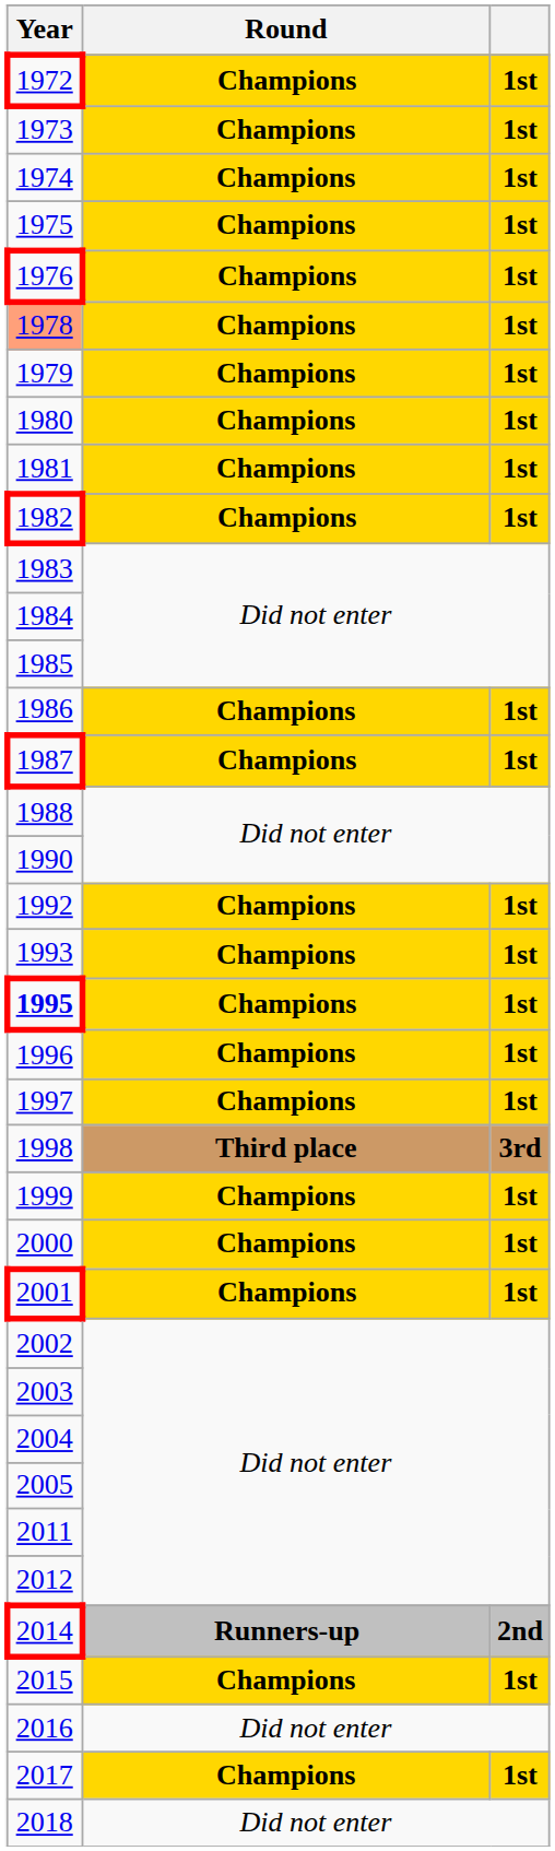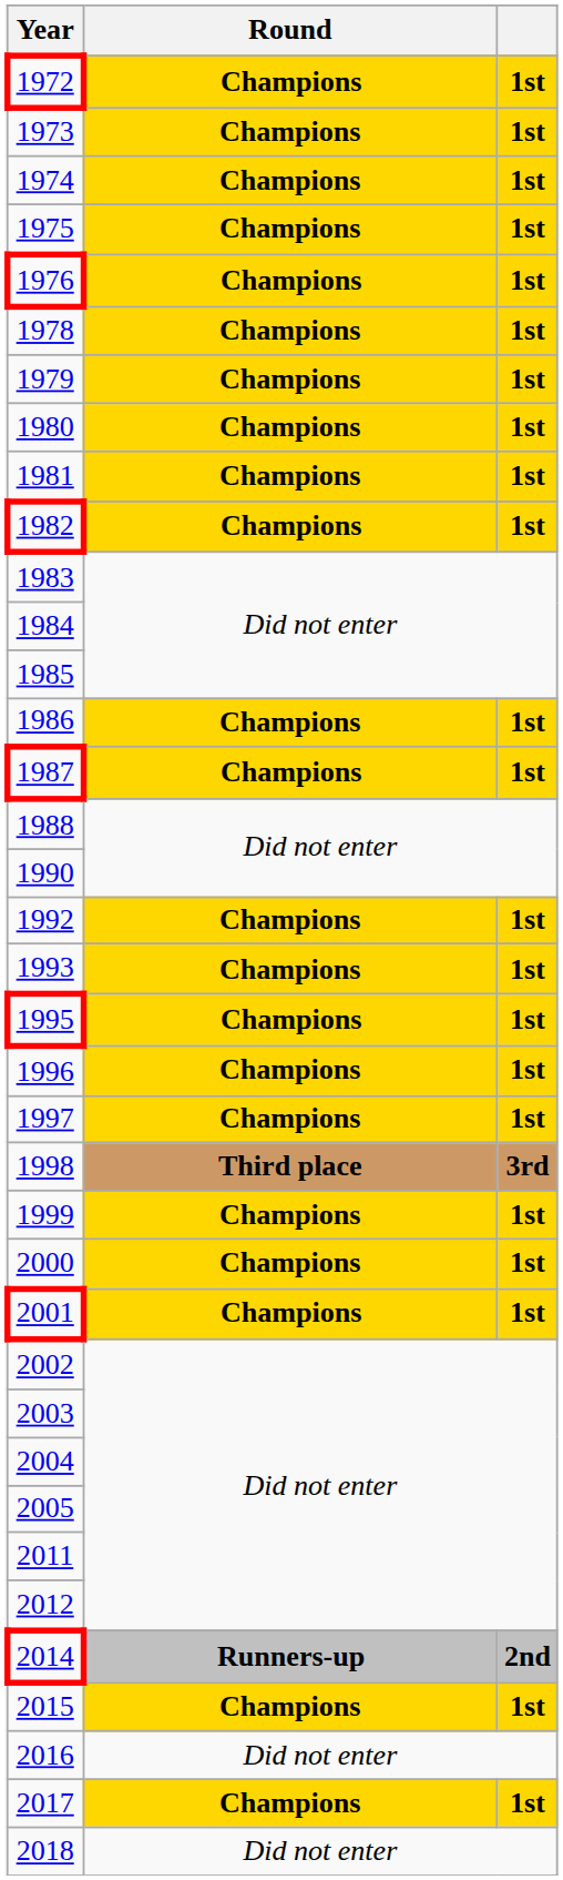 <table class="wikitable" style="text-align: center; font-size:90%">
 <tr>
 <th>Year</th>
 <th style="width:200px">Round</th>
 <th></th>
 </tr>
 <tr>
 <td style="border: 3px solid red"><a href='#'>1972</a></td>
 <td bgcolor=Gold><strong>Champions</strong></td>
 <td bgcolor=Gold><strong>1st</strong></td>
 </tr>
 <tr>
 <td><a href='#'>1973</a></td>
 <td bgcolor=Gold><strong>Champions</strong></td>
 <td bgcolor=Gold><strong>1st</strong></td>
 </tr>
 <tr>
 <td><a href='#'>1974</a></td>
 <td bgcolor=Gold><strong>Champions</strong></td>
 <td bgcolor=Gold><strong>1st</strong></td>
 </tr>
 <tr>
 <td><a href='#'>1975</a></td>
 <td bgcolor=Gold><strong>Champions</strong></td>
 <td bgcolor=Gold><strong>1st</strong></td>
 </tr>
 <tr>
 <td style="border: 3px solid red"><a href='#'>1976</a></td>
 <td bgcolor=Gold><strong>Champions</strong></td>
 <td bgcolor=Gold><strong>1st</strong></td>
 </tr>
 <tr>
-<td style="background: lightsalmon;"><a href='#'>1978</a></td>
+<td><a href='#'>1978</a></td>
 <td bgcolor=Gold><strong>Champions</strong></td>
 <td bgcolor=Gold><strong>1st</strong></td>
 </tr>
 <tr>
 <td><a href='#'>1979</a></td>
 <td bgcolor=Gold><strong>Champions</strong></td>
 <td bgcolor=Gold><strong>1st</strong></td>
 </tr>
 <tr>
 <td><a href='#'>1980</a></td>
 <td bgcolor=Gold><strong>Champions</strong></td>
 <td bgcolor=Gold><strong>1st</strong></td>
 </tr>
 <tr>
 <td><a href='#'>1981</a></td>
 <td bgcolor=Gold><strong>Champions</strong></td>
 <td bgcolor=Gold><strong>1st</strong></td>
 </tr>
 <tr>
 <td style="border: 3px solid red"><a href='#'>1982</a></td>
 <td bgcolor=Gold><strong>Champions</strong></td>
 <td bgcolor=Gold><strong>1st</strong></td>
 </tr>
 <tr>
 <td><a href='#'>1983</a></td>
 <td colspan="2" rowspan="3"><em>Did not enter</em></td>
 </tr>
 <tr>
 <td><a href='#'>1984</a></td>
 </tr>
 <tr>
 <td><a href='#'>1985</a></td>
 </tr>
 <tr>
 <td><a href='#'>1986</a></td>
 <td bgcolor=Gold><strong>Champions</strong></td>
 <td bgcolor=Gold><strong>1st</strong></td>
 </tr>
 <tr>
 <td style="border: 3px solid red"><a href='#'>1987</a></td>
 <td bgcolor=Gold><strong>Champions</strong></td>
 <td bgcolor=Gold><strong>1st</strong></td>
 </tr>
 <tr>
 <td><a href='#'>1988</a></td>
 <td colspan="2" rowspan="2"><em>Did not enter</em></td>
 </tr>
 <tr>
 <td><a href='#'>1990</a></td>
 </tr>
 <tr>
 <td><a href='#'>1992</a></td>
 <td bgcolor=Gold><strong>Champions</strong></td>
 <td bgcolor=Gold><strong>1st</strong></td>
 </tr>
 <tr>
 <td><a href='#'>1993</a></td>
 <td bgcolor=Gold><strong>Champions</strong></td>
 <td bgcolor=Gold><strong>1st</strong></td>
 </tr>
 <tr>
-<td style="border: 3px solid red"><strong><a href='#'>1995</a></strong></td>
+<td style="border: 3px solid red"><a href='#'>1995</a></td>
 <td bgcolor=Gold><strong>Champions</strong></td>
 <td bgcolor=Gold><strong>1st</strong></td>
 </tr>
 <tr>
 <td><a href='#'>1996</a></td>
 <td bgcolor=Gold><strong>Champions</strong></td>
 <td bgcolor=Gold><strong>1st</strong></td>
 </tr>
 <tr>
 <td><a href='#'>1997</a></td>
 <td bgcolor=Gold><strong>Champions</strong></td>
 <td bgcolor=Gold><strong>1st</strong></td>
 </tr>
 <tr>
 <td><a href='#'>1998</a></td>
 <td bgcolor="cc9966"><strong>Third place</strong></td>
 <td bgcolor="cc9966"><strong>3rd</strong></td>
 </tr>
 <tr>
 <td><a href='#'>1999</a></td>
 <td bgcolor=Gold><strong>Champions</strong></td>
 <td bgcolor=Gold><strong>1st</strong></td>
 </tr>
 <tr>
 <td><a href='#'>2000</a></td>
 <td bgcolor=Gold><strong>Champions</strong></td>
 <td bgcolor=Gold><strong>1st</strong></td>
 </tr>
 <tr>
 <td style="border: 3px solid red"><a href='#'>2001</a></td>
 <td bgcolor=Gold><strong>Champions</strong></td>
 <td bgcolor=Gold><strong>1st</strong></td>
 </tr>
 <tr>
 <td><a href='#'>2002</a></td>
 <td colspan="2" rowspan="6"><em>Did not enter</em></td>
 </tr>
 <tr>
 <td><a href='#'>2003</a></td>
 </tr>
 <tr>
 <td><a href='#'>2004</a></td>
 </tr>
 <tr>
 <td><a href='#'>2005</a></td>
 </tr>
 <tr>
 <td><a href='#'>2011</a></td>
 </tr>
 <tr>
 <td><a href='#'>2012</a></td>
 </tr>
 <tr>
 <td style="border: 3px solid red"><a href='#'>2014</a></td>
 <td bgcolor=Silver><strong>Runners-up</strong></td>
 <td bgcolor=Silver><strong>2nd</strong></td>
 </tr>
 <tr>
 <td><a href='#'>2015</a></td>
 <td bgcolor=Gold><strong>Champions</strong></td>
 <td bgcolor=Gold><strong>1st</strong></td>
 </tr>
 <tr>
 <td><a href='#'>2016</a></td>
 <td colspan="2"><em>Did not enter</em></td>
 </tr>
 <tr>
 <td><a href='#'>2017</a></td>
 <td bgcolor=Gold><strong>Champions</strong></td>
 <td bgcolor=Gold><strong>1st</strong></td>
 </tr>
 <tr>
 <td><a href='#'>2018</a></td>
 <td colspan="2"><em>Did not enter</em></td>
 </tr>
 </table>
